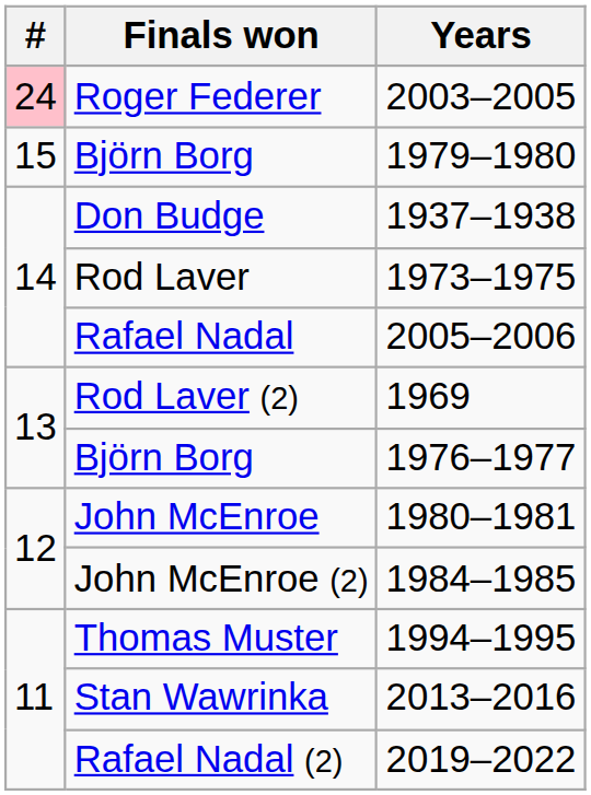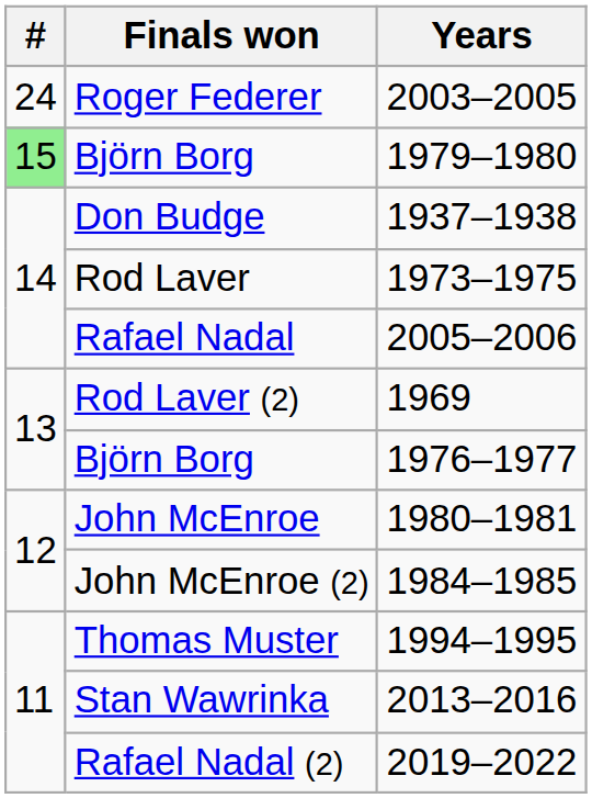 <table class=wikitable style="display:inline-table;">
 <tr>
 <th>#</th>
 <th>Finals won</th>
 <th>Years</th>
 </tr>
 <tr>
-<td style="background: pink;">24</td>
+<td>24</td>
 <td> <a href='#'>Roger Federer</a></td>
 <td>2003–2005</td>
 </tr>
 <tr>
-<td>15</td>
+<td style="background: lightgreen;">15</td>
 <td> <a href='#'>Björn Borg</a></td>
 <td>1979–1980</td>
 </tr>
 <tr>
 <td rowspan="3">14</td>
 <td> <a href='#'>Don Budge</a></td>
 <td>1937–1938</td>
 </tr>
 <tr>
 <td> Rod Laver</td>
 <td>1973–1975</td>
 </tr>
 <tr>
 <td> <a href='#'>Rafael Nadal</a></td>
 <td>2005–2006</td>
 </tr>
 <tr>
 <td rowspan="2">13</td>
 <td> <a href='#'>Rod Laver</a> <small>(2)</small></td>
 <td>1969</td>
 </tr>
 <tr>
 <td> <a href='#'>Björn Borg</a></td>
 <td>1976–1977</td>
 </tr>
 <tr>
 <td rowspan="2">12</td>
 <td> <a href='#'>John McEnroe</a></td>
 <td>1980–1981</td>
 </tr>
 <tr>
 <td> John McEnroe <small>(2)</small></td>
 <td>1984–1985</td>
 </tr>
 <tr>
 <td rowspan="3">11</td>
 <td> <a href='#'>Thomas Muster</a></td>
 <td>1994–1995</td>
 </tr>
 <tr>
 <td> <a href='#'>Stan Wawrinka</a></td>
 <td>2013–2016</td>
 </tr>
 <tr>
 <td> <a href='#'>Rafael Nadal</a> <small>(2)</small></td>
 <td>2019–2022</td>
 </tr>
 </table>
